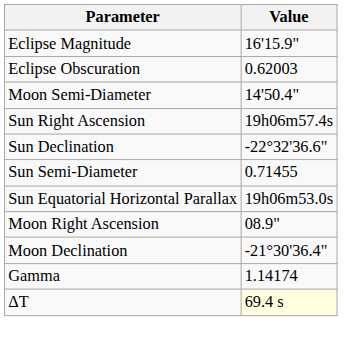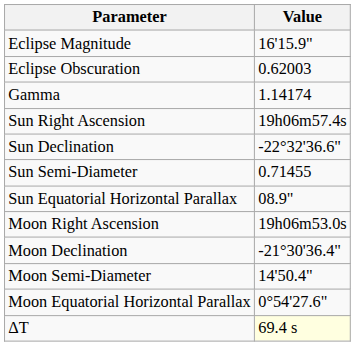 <table class="wikitable">
 <tr>
 <th>Parameter</th>
 <th>Value</th>
 </tr>
 <tr>
 <td>Eclipse Magnitude</td>
 <td>16'15.9"</td>
 </tr>
 <tr>
 <td>Eclipse Obscuration</td>
 <td>0.62003</td>
 </tr>
 <tr>
-<td>Moon Semi-Diameter</td>
-<td>14'50.4"</td>
+<td>Gamma</td>
+<td>1.14174</td>
 </tr>
 <tr>
 <td>Sun Right Ascension</td>
 <td>19h06m57.4s</td>
 </tr>
 <tr>
 <td>Sun Declination</td>
 <td>-22°32'36.6"</td>
 </tr>
 <tr>
 <td>Sun Semi-Diameter</td>
 <td>0.71455</td>
 </tr>
 <tr>
 <td>Sun Equatorial Horizontal Parallax</td>
-<td>19h06m53.0s</td>
+<td>08.9"</td>
 </tr>
 <tr>
 <td>Moon Right Ascension</td>
-<td>08.9"</td>
+<td>19h06m53.0s</td>
 </tr>
 <tr>
 <td>Moon Declination</td>
 <td>-21°30'36.4"</td>
 </tr>
 <tr>
-<td>Gamma</td>
-<td>1.14174</td>
+<td>Moon Semi-Diameter</td>
+<td>14'50.4"</td>
+</tr>
+<tr>
+<td>Moon Equatorial Horizontal Parallax</td>
+<td>0°54'27.6"</td>
 </tr>
 <tr>
 <td>ΔT</td>
 <td style="background: lightyellow;">69.4 s</td>
 </tr>
 </table>
